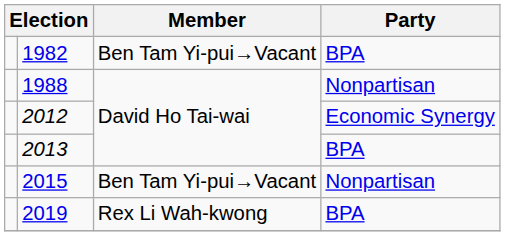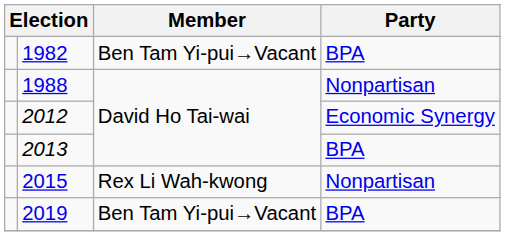 <table class="wikitable">
 <tr>
 <th colspan="2">Election</th>
 <th>Member</th>
 <th>Party</th>
 </tr>
 <tr>
 <td style="background-color: "></td>
 <td><a href='#'>1982</a></td>
 <td>Ben Tam Yi-pui→Vacant</td>
 <td><a href='#'>BPA</a></td>
 </tr>
 <tr>
 <td style="background-color: "></td>
 <td><a href='#'>1988</a></td>
 <td rowspan=3>David Ho Tai-wai</td>
 <td><a href='#'>Nonpartisan</a></td>
 </tr>
 <tr>
 <td style="background-color: "></td>
 <td><em>2012</em></td>
 <td><a href='#'>Economic Synergy</a></td>
 </tr>
 <tr>
 <td style="background-color: "></td>
 <td><em>2013</em></td>
 <td><a href='#'>BPA</a></td>
 </tr>
 <tr>
 <td style="background-color: "></td>
 <td><a href='#'>2015</a></td>
-<td>Ben Tam Yi-pui→Vacant</td>
+<td>Rex Li Wah-kwong</td>
 <td><a href='#'>Nonpartisan</a></td>
 </tr>
 <tr>
 <td style="background-color: "></td>
 <td><a href='#'>2019</a></td>
-<td>Rex Li Wah-kwong</td>
+<td>Ben Tam Yi-pui→Vacant</td>
 <td><a href='#'>BPA</a></td>
 </tr>
 <tr>
 </tr>
 </table>
